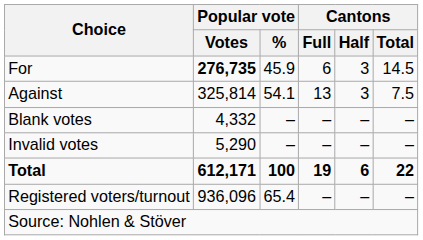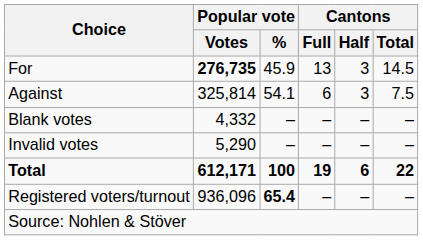 <table class=wikitable style=text-align:right>
 <tr>
 <th rowspan=2>Choice</th>
 <th colspan=2>Popular vote</th>
 <th colspan=3>Cantons</th>
 </tr>
 <tr>
 <th>Votes</th>
 <th>%</th>
 <th>Full</th>
 <th>Half</th>
 <th>Total</th>
 </tr>
 <tr>
 <td align=left>For</td>
 <td><strong>276,735</strong></td>
 <td>45.9</td>
-<td>6</td>
+<td>13</td>
 <td>3</td>
 <td>14.5</td>
 </tr>
 <tr>
 <td align=left>Against</td>
 <td>325,814</td>
 <td>54.1</td>
-<td>13</td>
+<td>6</td>
 <td>3</td>
 <td>7.5</td>
 </tr>
 <tr>
 <td align=left>Blank votes</td>
 <td>4,332</td>
 <td>–</td>
 <td>–</td>
 <td>–</td>
 <td>–</td>
 </tr>
 <tr>
 <td align=left>Invalid votes</td>
 <td>5,290</td>
 <td>–</td>
 <td>–</td>
 <td>–</td>
 <td>–</td>
 </tr>
 <tr>
 <td align=left><strong>Total</strong></td>
 <td><strong>612,171</strong></td>
 <td><strong>100</strong></td>
 <td><strong>19</strong></td>
 <td><strong>6</strong></td>
 <td><strong>22</strong></td>
 </tr>
 <tr>
 <td align=left>Registered voters/turnout</td>
 <td>936,096</td>
-<td>65.4</td>
+<td><strong>65.4</strong></td>
 <td>–</td>
 <td>–</td>
 <td>–</td>
 </tr>
 <tr>
 <td align=left colspan=6>Source: Nohlen & Stöver</td>
 </tr>
 </table>
